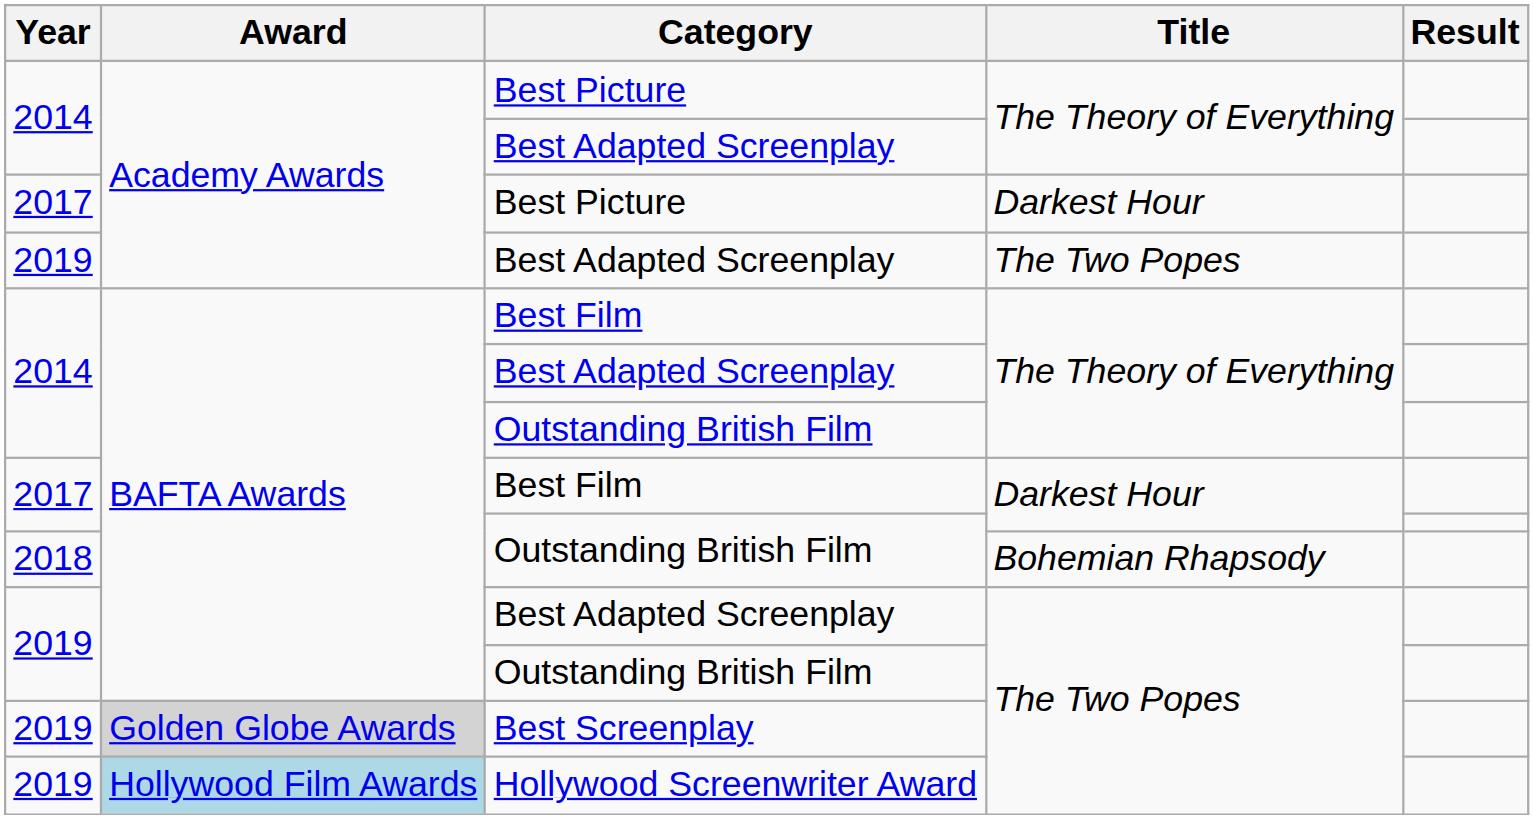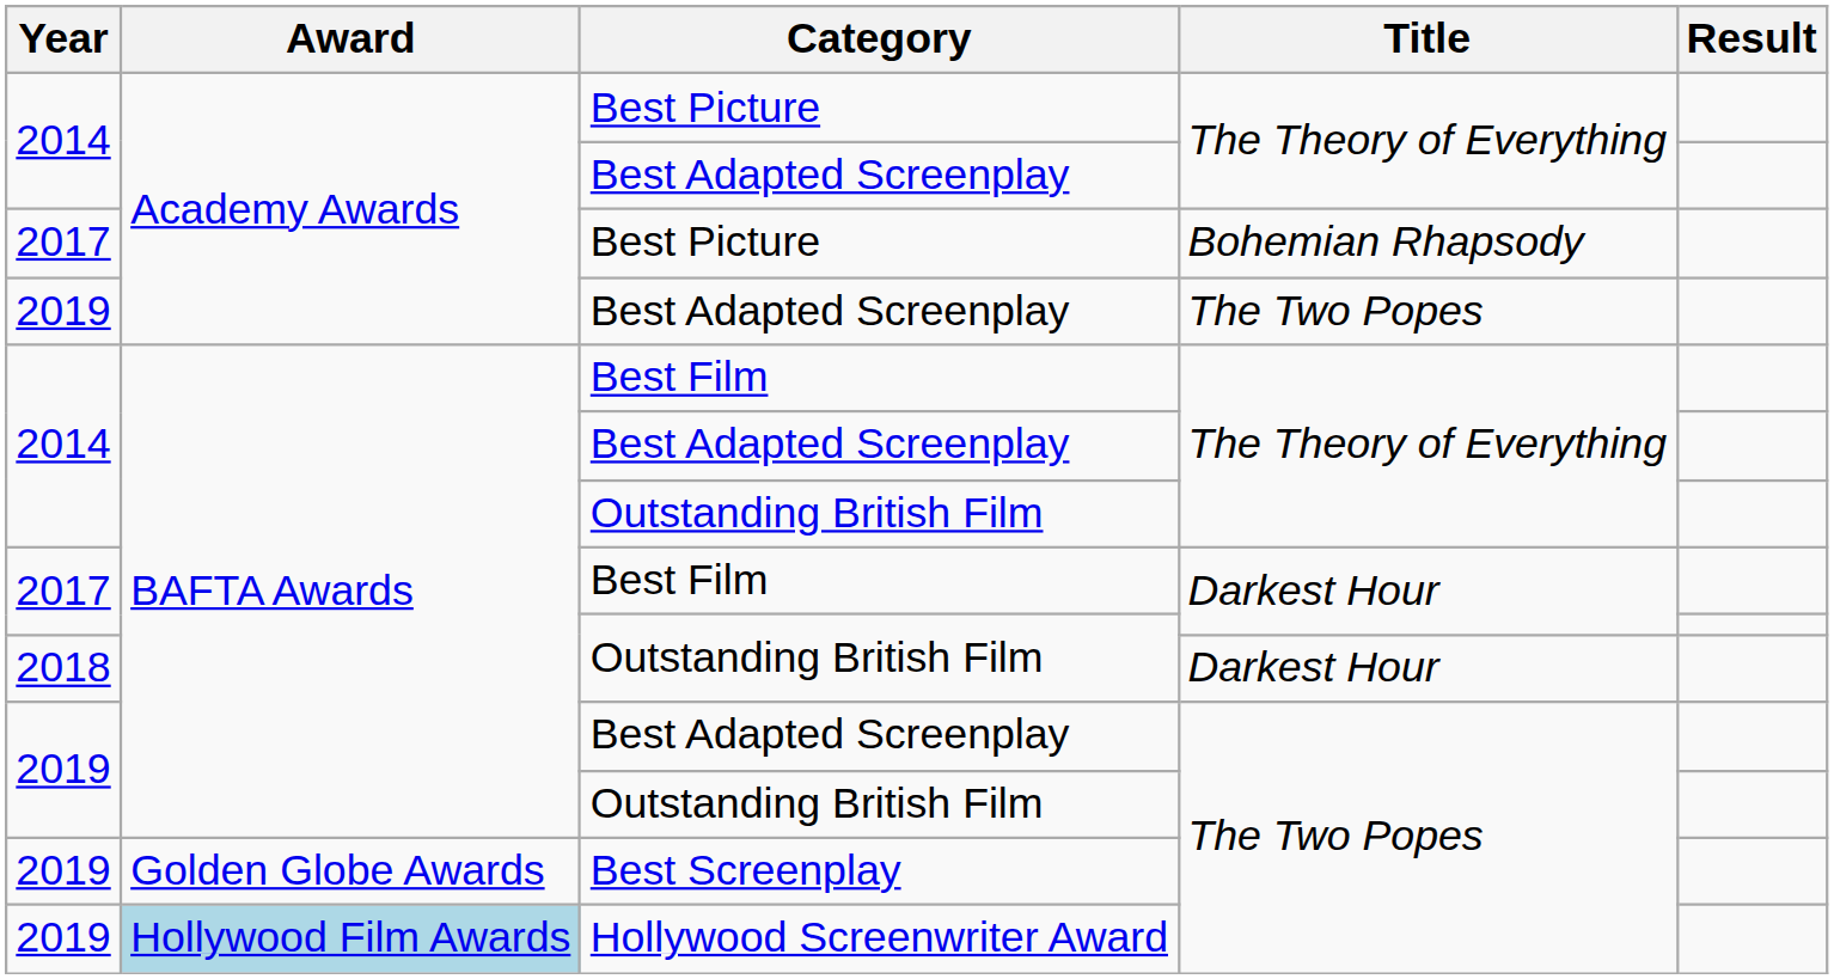 <table class="wikitable">
 <tr>
 <th>Year</th>
 <th>Award</th>
 <th>Category</th>
 <th>Title</th>
 <th>Result</th>
 </tr>
 <tr>
 <td rowspan=2><a href='#'>2014</a></td>
 <td rowspan=4><a href='#'>Academy Awards</a></td>
 <td><a href='#'>Best Picture</a></td>
 <td rowspan=2><em>The Theory of Everything</em></td>
 <td></td>
 </tr>
 <tr>
 <td><a href='#'>Best Adapted Screenplay</a></td>
 <td></td>
 </tr>
 <tr>
 <td><a href='#'>2017</a></td>
 <td>Best Picture</td>
-<td><em>Darkest Hour</em></td>
+<td><em>Bohemian Rhapsody</em></td>
 <td></td>
 </tr>
 <tr>
 <td><a href='#'>2019</a></td>
 <td>Best Adapted Screenplay</td>
 <td><em>The Two Popes</em></td>
 <td></td>
 </tr>
 <tr>
 <td rowspan=3><a href='#'>2014</a></td>
 <td rowspan=8><a href='#'>BAFTA Awards</a></td>
 <td><a href='#'>Best Film</a></td>
 <td rowspan=3><em>The Theory of Everything</em></td>
 <td></td>
 </tr>
 <tr>
 <td><a href='#'>Best Adapted Screenplay</a></td>
 <td></td>
 </tr>
 <tr>
 <td><a href='#'>Outstanding British Film</a></td>
 <td></td>
 </tr>
 <tr>
 <td rowspan=2><a href='#'>2017</a></td>
 <td>Best Film</td>
 <td rowspan=2><em>Darkest Hour</em></td>
 <td></td>
 </tr>
 <tr>
 <td rowspan=2>Outstanding British Film</td>
 <td></td>
 </tr>
 <tr>
 <td><a href='#'>2018</a></td>
-<td><em>Bohemian Rhapsody</em></td>
+<td><em>Darkest Hour</em></td>
 <td></td>
 </tr>
 <tr>
 <td rowspan=2><a href='#'>2019</a></td>
 <td>Best Adapted Screenplay</td>
 <td rowspan=4><em>The Two Popes</em></td>
 <td></td>
 </tr>
 <tr>
 <td>Outstanding British Film</td>
 <td></td>
 </tr>
 <tr>
 <td><a href='#'>2019</a></td>
-<td style="background: lightgrey;"><a href='#'>Golden Globe Awards</a></td>
+<td><a href='#'>Golden Globe Awards</a></td>
 <td><a href='#'>Best Screenplay</a></td>
 <td></td>
 </tr>
 <tr>
 <td rowspan=2><a href='#'>2019</a></td>
 <td style="background: lightblue;"><a href='#'>Hollywood Film Awards</a></td>
 <td><a href='#'>Hollywood Screenwriter Award</a></td>
 <td></td>
 </tr>
 </table>
